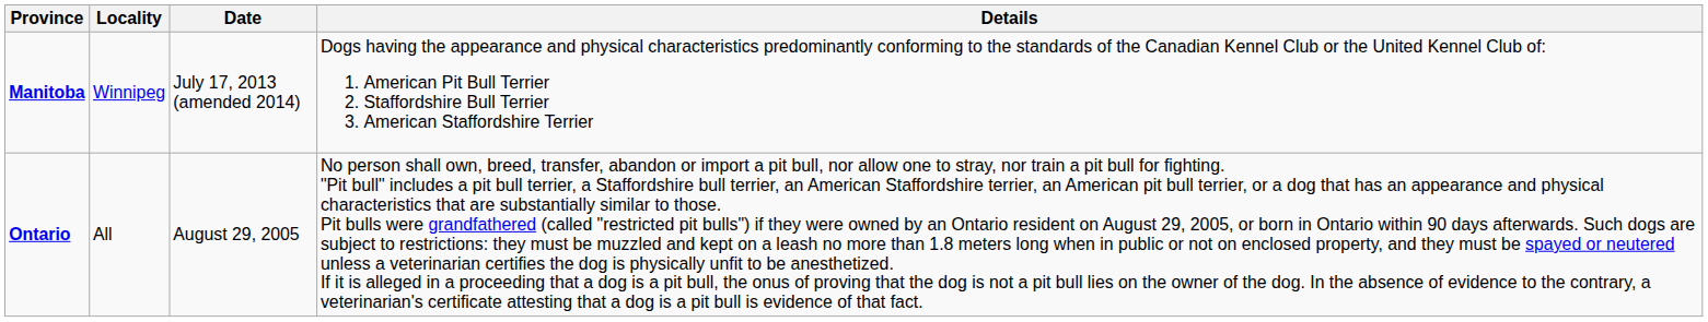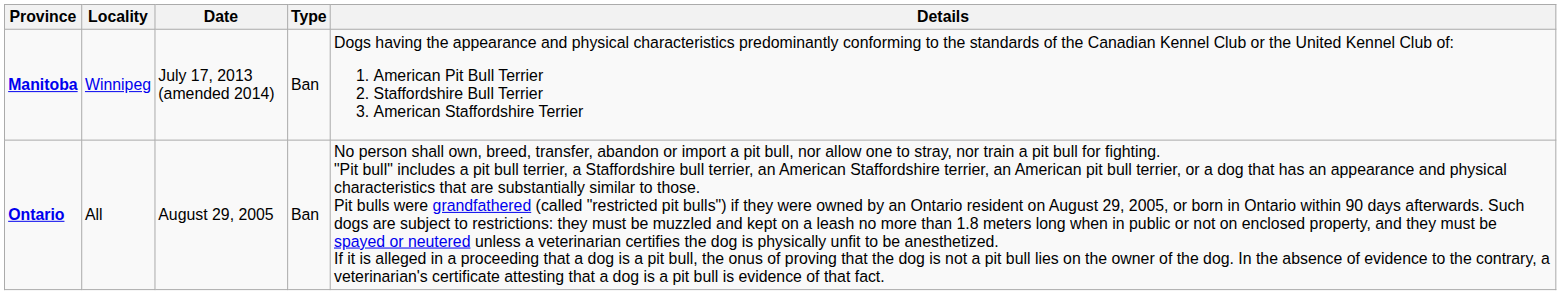 <table class="wikitable">
 <tr>
 <th>Province</th>
 <th>Locality</th>
 <th>Date</th>
+<th>Type</th>
 <th>Details</th>
 </tr>
 <tr>
 <td><strong><a href='#'>Manitoba</a></strong></td>
 <td><a href='#'>Winnipeg</a></td>
 <td>July 17, 2013 (amended 2014)</td>
+<td>Ban</td>
 <td>Dogs having the appearance and physical characteristics predominantly conforming to the standards of the Canadian Kennel Club or the United Kennel Club of:<br><ol><li>American Pit Bull Terrier</li><li>Staffordshire Bull Terrier</li><li>American Staffordshire Terrier </li></ol></td>
 </tr>
 <tr>
 <td><strong><a href='#'>Ontario</a></strong></td>
 <td>All</td>
 <td>August 29, 2005</td>
+<td>Ban</td>
 <td>No person shall own, breed, transfer, abandon or import a pit bull, nor allow one to stray, nor train a pit bull for fighting.<br>"Pit bull" includes a pit bull terrier, a Staffordshire bull terrier, an American Staffordshire terrier, an American pit bull terrier, or a dog that has an appearance and physical characteristics that are substantially similar to those.<br>Pit bulls were <a href='#'>grandfathered</a> (called "restricted pit bulls") if they were owned by an Ontario resident on August 29, 2005, or born in Ontario within 90 days afterwards. Such dogs are subject to restrictions: they must be muzzled and kept on a leash no more than 1.8 meters long when in public or not on enclosed property, and they must be <a href='#'>spayed or neutered</a> unless a veterinarian certifies the dog is physically unfit to be anesthetized.<br>If it is alleged in a proceeding that a dog is a pit bull, the onus of proving that the dog is not a pit bull lies on the owner of the dog. In the absence of evidence to the contrary, a veterinarian's certificate attesting that a dog is a pit bull is evidence of that fact.</td>
 </tr>
 </table>
